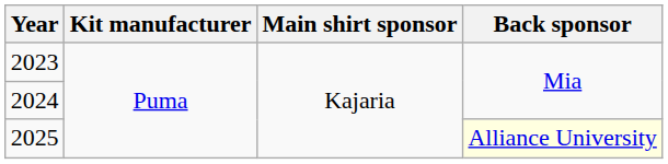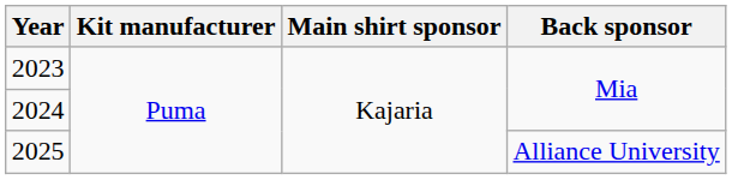 <table class="wikitable" style="text-align: center;">
 <tr>
 <th>Year</th>
 <th>Kit manufacturer</th>
 <th>Main shirt sponsor</th>
 <th>Back sponsor</th>
 </tr>
 <tr>
 <td>2023</td>
 <td rowspan=3><a href='#'>Puma</a></td>
 <td rowspan=3>Kajaria</td>
 <td rowspan=2><a href='#'>Mia</a></td>
 </tr>
 <tr>
 <td>2024</td>
 </tr>
 <tr>
 <td>2025</td>
-<td style="background: lightyellow;"><a href='#'>Alliance University</a></td>
+<td><a href='#'>Alliance University</a></td>
 </tr>
 </table>
